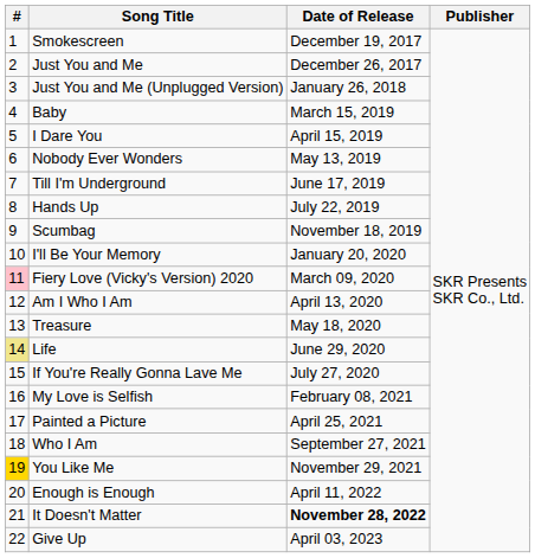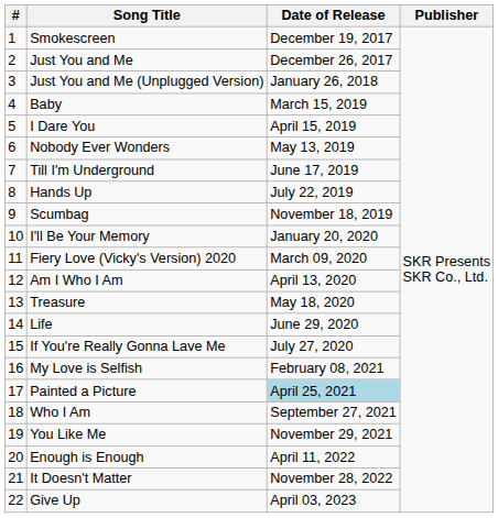 <table class="wikitable">
 <tr>
 <th>#</th>
 <th>Song Title</th>
 <th>Date of Release</th>
 <th>Publisher</th>
 </tr>
 <tr>
 <td>1</td>
 <td>Smokescreen</td>
 <td>December 19, 2017</td>
 <td rowspan="22">SKR Presents<br>SKR Co., Ltd.</td>
 </tr>
 <tr>
 <td>2</td>
 <td>Just You and Me</td>
 <td>December 26, 2017</td>
 </tr>
 <tr>
 <td>3</td>
 <td>Just You and Me (Unplugged Version)</td>
 <td>January 26, 2018</td>
 </tr>
 <tr>
 <td>4</td>
 <td>Baby</td>
 <td>March 15, 2019</td>
 </tr>
 <tr>
 <td>5</td>
 <td>I Dare You</td>
 <td>April 15, 2019</td>
 </tr>
 <tr>
 <td>6</td>
 <td>Nobody Ever Wonders</td>
 <td>May 13, 2019</td>
 </tr>
 <tr>
 <td>7</td>
 <td>Till I'm Underground</td>
 <td>June 17, 2019</td>
 </tr>
 <tr>
 <td>8</td>
 <td>Hands Up</td>
 <td>July 22, 2019</td>
 </tr>
 <tr>
 <td>9</td>
 <td>Scumbag</td>
 <td>November 18, 2019</td>
 </tr>
 <tr>
 <td>10</td>
 <td>I'll Be Your Memory</td>
 <td>January 20, 2020</td>
 </tr>
 <tr>
-<td style="background: pink;">11</td>
+<td>11</td>
 <td>Fiery Love (Vicky's Version) 2020</td>
 <td>March 09, 2020</td>
 </tr>
 <tr>
 <td>12</td>
 <td>Am I Who I Am</td>
 <td>April 13, 2020</td>
 </tr>
 <tr>
 <td>13</td>
 <td>Treasure</td>
 <td>May 18, 2020</td>
 </tr>
 <tr>
-<td style="background: khaki;">14</td>
+<td>14</td>
 <td>Life</td>
 <td>June 29, 2020</td>
 </tr>
 <tr>
 <td>15</td>
 <td>If You're Really Gonna Lave Me</td>
 <td>July 27, 2020</td>
 </tr>
 <tr>
 <td>16</td>
 <td>My Love is Selfish</td>
 <td>February 08, 2021</td>
 </tr>
 <tr>
 <td>17</td>
 <td>Painted a Picture</td>
-<td>April 25, 2021</td>
+<td style="background: lightblue;">April 25, 2021</td>
 </tr>
 <tr>
 <td>18</td>
 <td>Who I Am</td>
 <td>September 27, 2021</td>
 </tr>
 <tr>
-<td style="background: gold;">19</td>
+<td>19</td>
 <td>You Like Me</td>
 <td>November 29, 2021</td>
 </tr>
 <tr>
 <td>20</td>
 <td>Enough is Enough</td>
 <td>April 11, 2022</td>
 </tr>
 <tr>
 <td>21</td>
 <td>It Doesn't Matter</td>
-<td><strong>November 28, 2022</strong></td>
+<td>November 28, 2022</td>
 </tr>
 <tr>
 <td>22</td>
 <td>Give Up</td>
 <td>April 03, 2023</td>
 </tr>
 </table>
